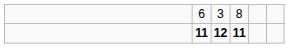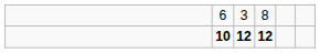 <table class="wikitable">
 <tr>
 <td style="width:15em"></td>
 <td align=center style="width:1em">6</td>
 <td align=center style="width:1em">3</td>
 <td align=center style="width:1em">8</td>
 <td align=center style="width:1em"></td>
 <td align=center style="width:1em"></td>
 </tr>
 <tr>
 <td style="width:15em"></td>
-<td align=center style="width:1em"><strong>11</strong></td>
+<td align=center style="width:1em"><strong>10</strong></td>
 <td align=center style="width:1em"><strong>12</strong></td>
-<td align=center style="width:1em"><strong>11</strong></td>
+<td align=center style="width:1em"><strong>12</strong></td>
 <td align=center style="width:1em"></td>
 <td align=center style="width:1em"></td>
 </tr>
 </table>
